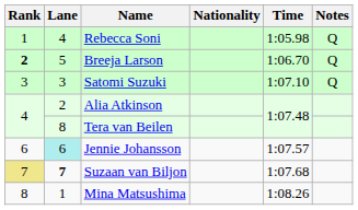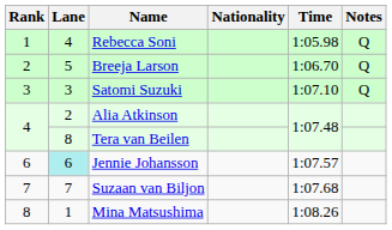 <table class="wikitable sortable" style="text-align:center">
 <tr>
 <th>Rank</th>
 <th>Lane</th>
 <th>Name</th>
 <th>Nationality</th>
 <th>Time</th>
 <th>Notes</th>
 </tr>
 <tr bgcolor=ccffcc>
 <td>1</td>
 <td>4</td>
 <td align=left><a href='#'>Rebecca Soni</a></td>
 <td align=left></td>
 <td>1:05.98</td>
 <td>Q</td>
 </tr>
 <tr bgcolor=ccffcc>
-<td><strong>2</strong></td>
+<td>2</td>
 <td>5</td>
 <td align=left><a href='#'>Breeja Larson</a></td>
 <td align=left></td>
 <td>1:06.70</td>
 <td>Q</td>
 </tr>
 <tr bgcolor=ccffcc>
 <td>3</td>
 <td>3</td>
 <td align=left><a href='#'>Satomi Suzuki</a></td>
 <td align=left></td>
 <td>1:07.10</td>
 <td>Q</td>
 </tr>
 <tr bgcolor=e5ffe5>
 <td rowspan=2>4</td>
 <td>2</td>
 <td align=left><a href='#'>Alia Atkinson</a></td>
 <td align=left></td>
 <td rowspan=2>1:07.48</td>
 <td></td>
 </tr>
 <tr bgcolor=e5ffe5>
 <td>8</td>
 <td align=left><a href='#'>Tera van Beilen</a></td>
 <td align=left></td>
 <td></td>
 </tr>
 <tr>
 <td>6</td>
 <td style="background: paleturquoise;">6</td>
 <td align=left><a href='#'>Jennie Johansson</a></td>
 <td align=left></td>
 <td>1:07.57</td>
 <td></td>
 </tr>
 <tr>
-<td style="background: khaki;">7</td>
-<td><strong>7</strong></td>
+<td>7</td>
+<td>7</td>
 <td align=left><a href='#'>Suzaan van Biljon</a></td>
 <td align=left></td>
 <td>1:07.68</td>
 <td></td>
 </tr>
 <tr>
 <td>8</td>
 <td>1</td>
 <td align=left><a href='#'>Mina Matsushima</a></td>
 <td align=left></td>
 <td>1:08.26</td>
 <td></td>
 </tr>
 </table>
